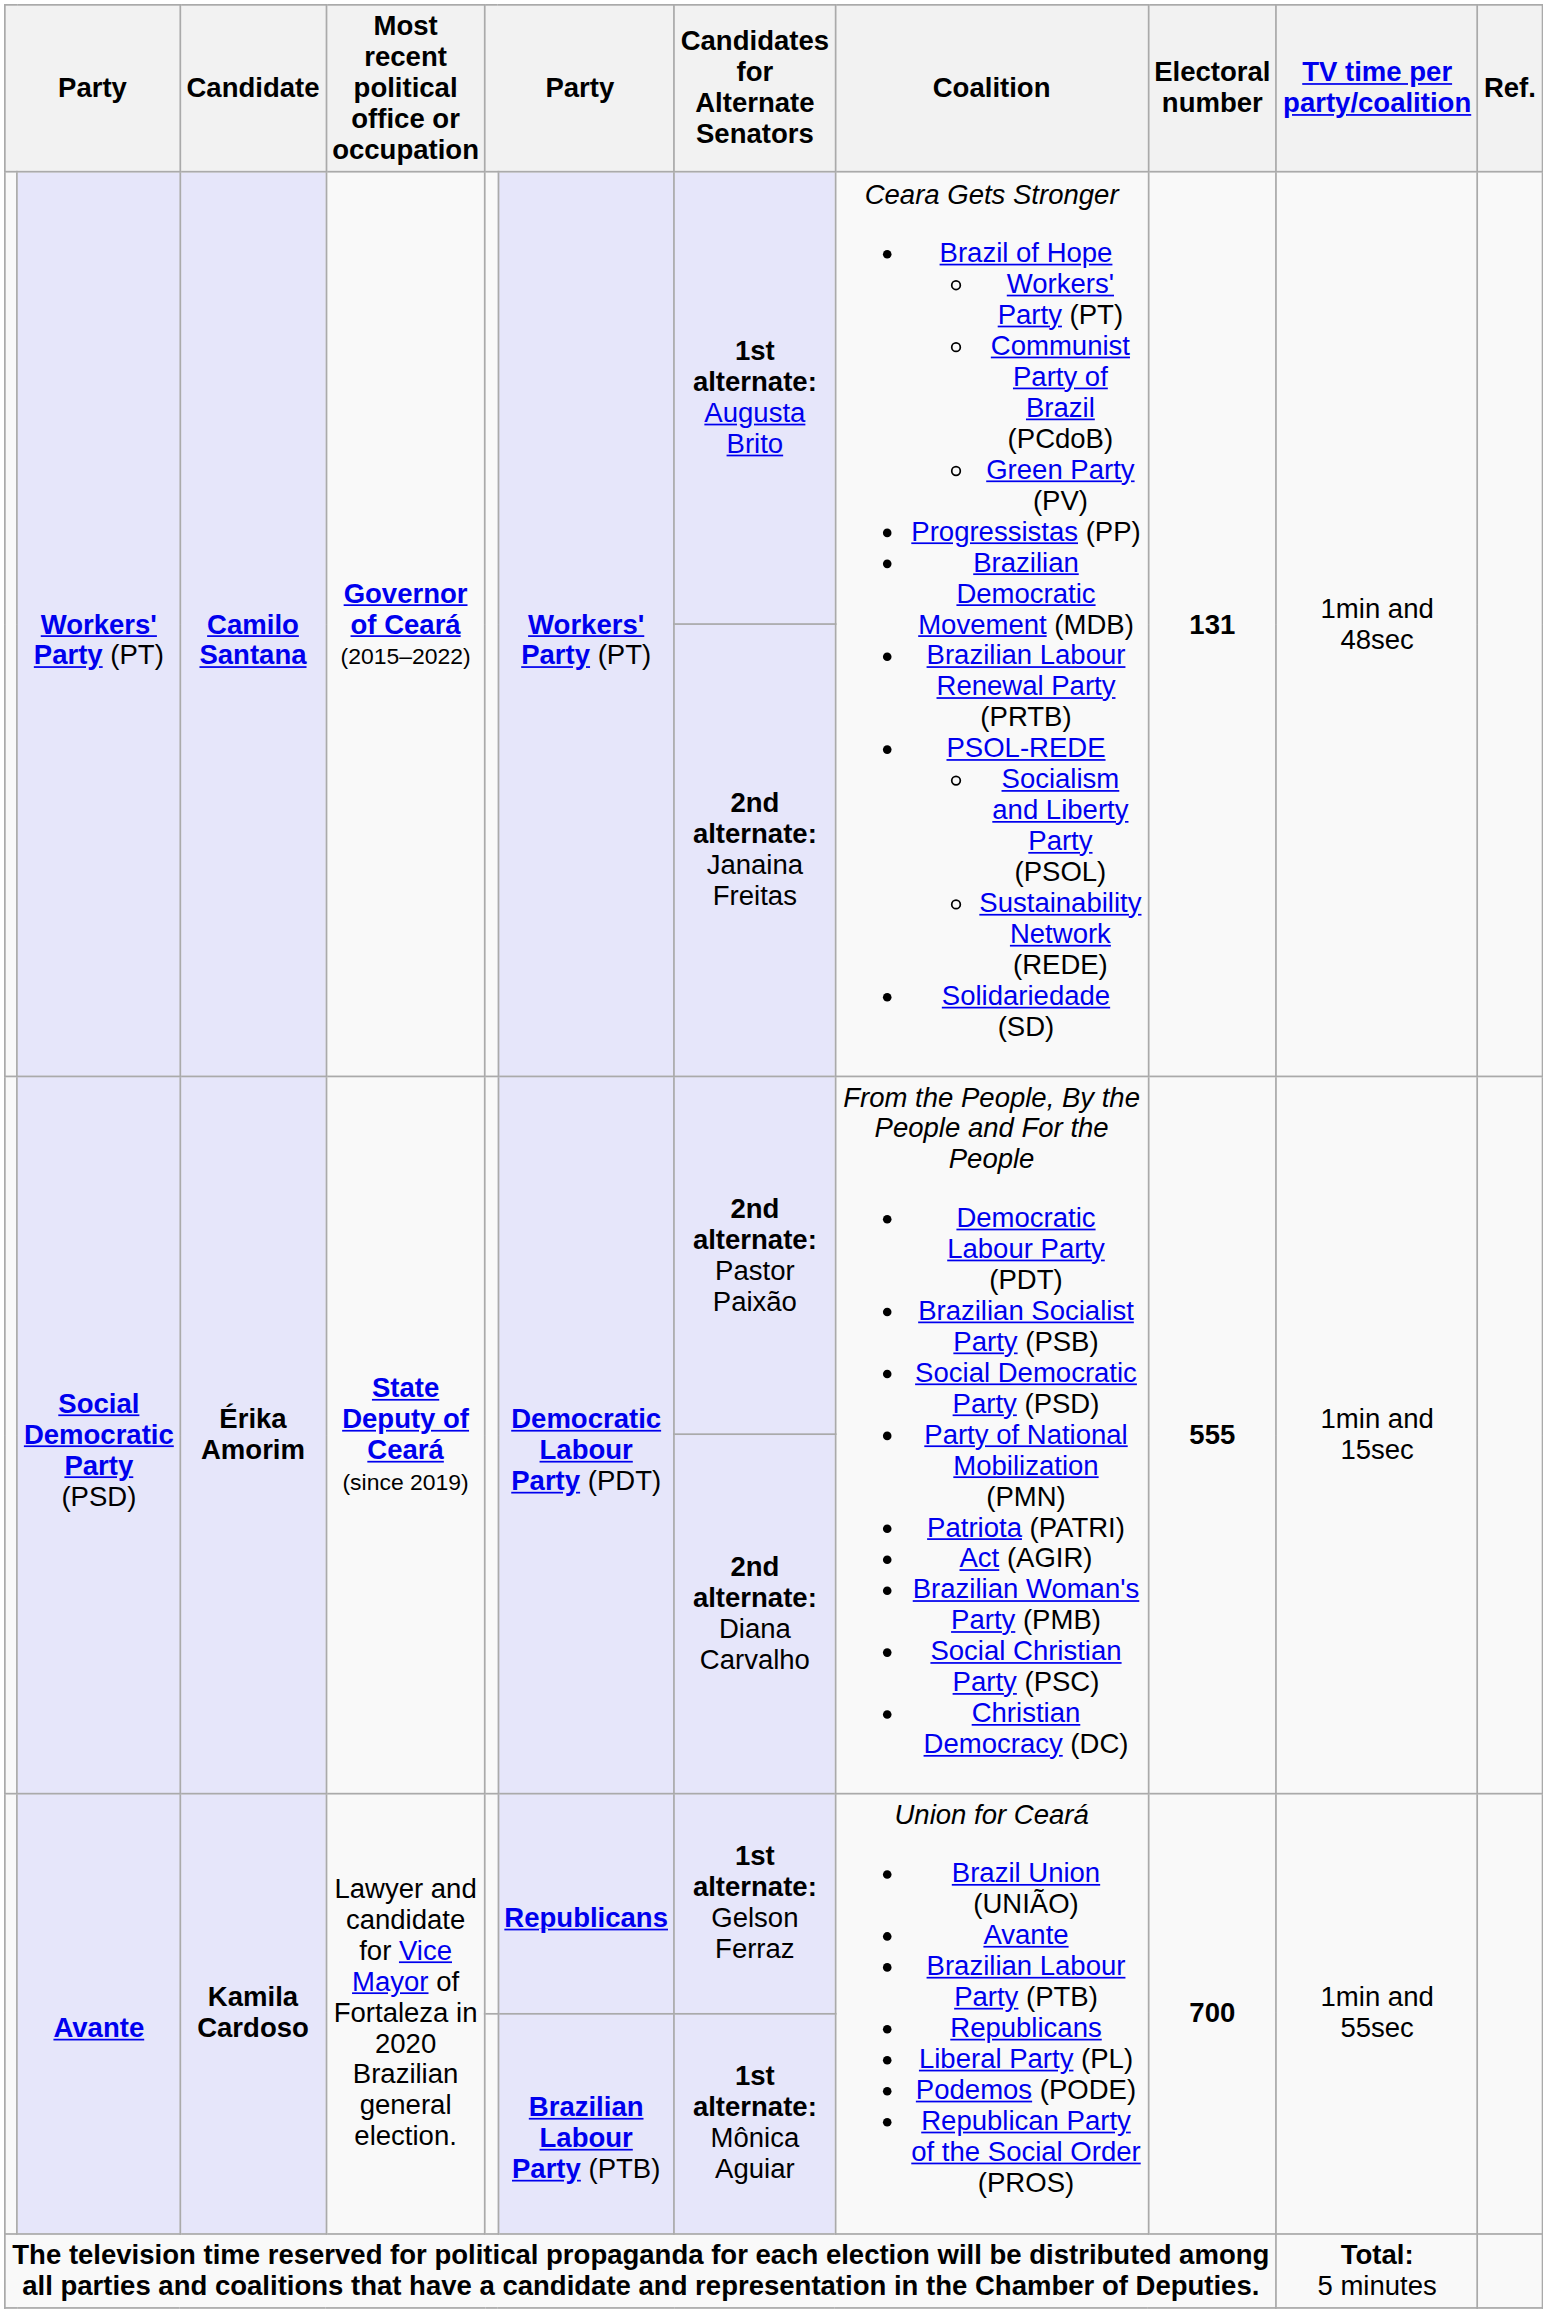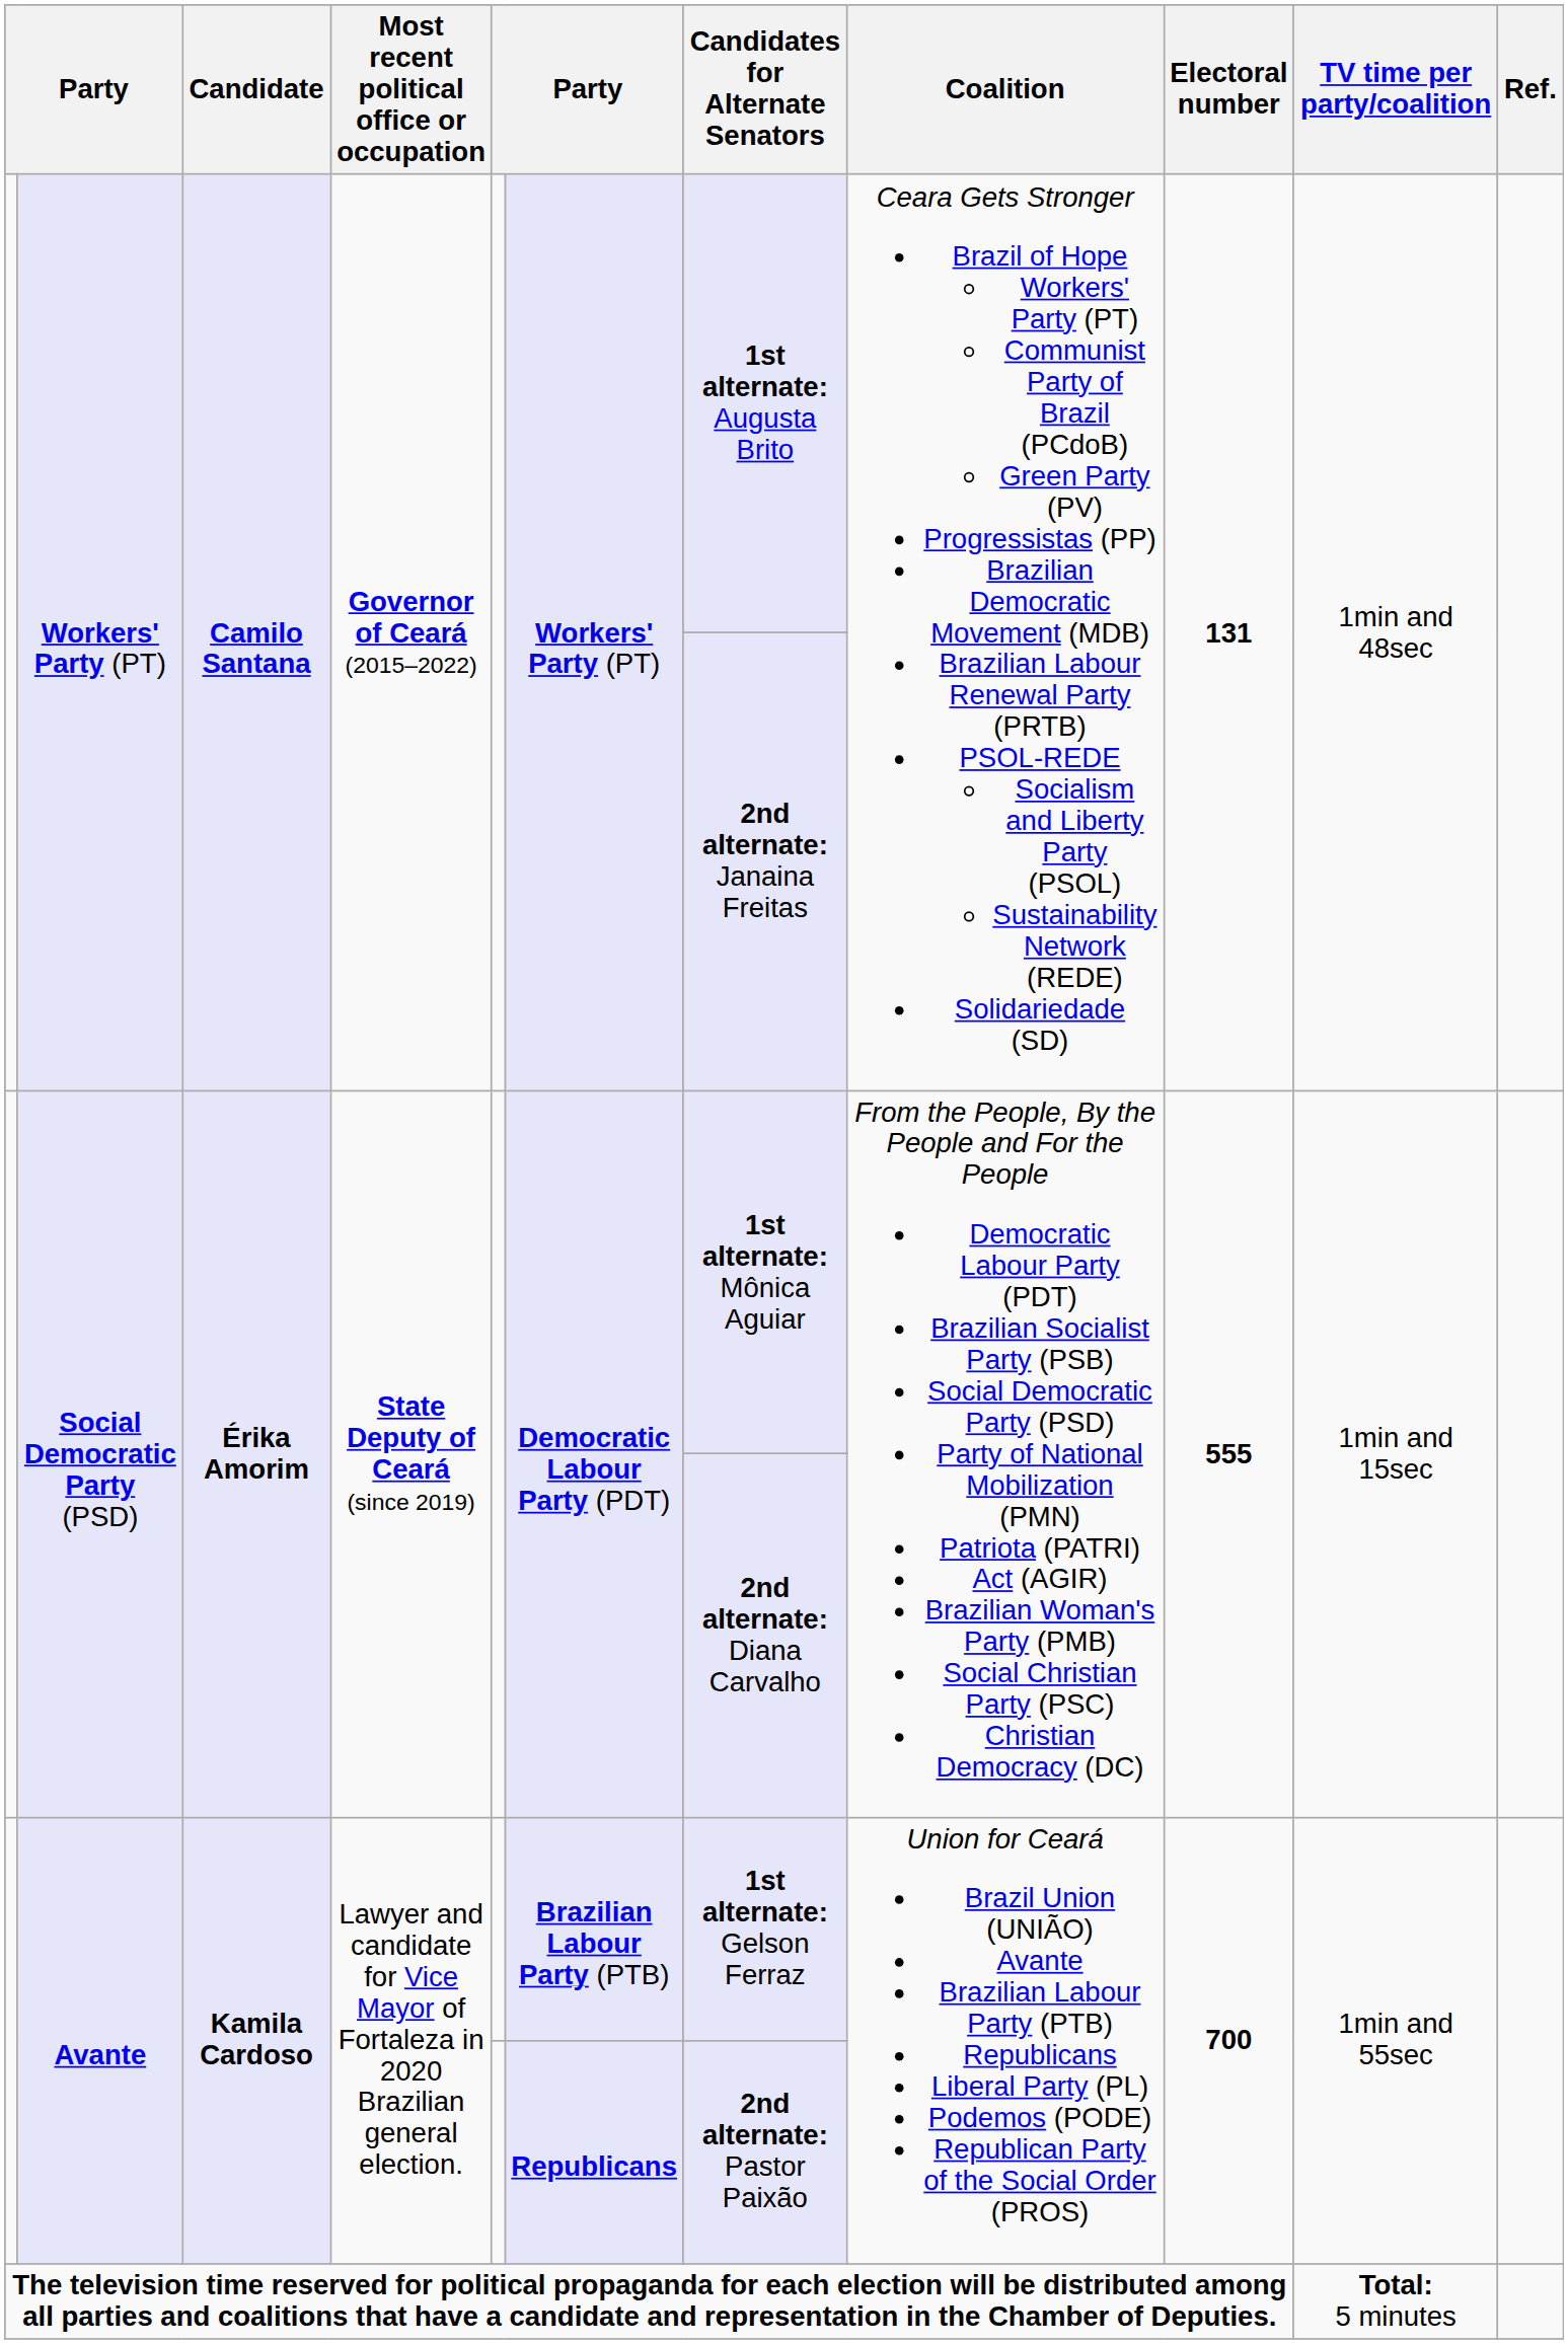 <table class="wikitable" style="text-align:center;">
 <tr>
 <th colspan="2">Party</th>
 <th>Candidate</th>
 <th>Most recent political office or occupation</th>
 <th colspan="2">Party</th>
 <th>Candidates for Alternate Senators</th>
 <th>Coalition</th>
 <th>Electoral<br>number</th>
 <th><a href='#'>TV time per party/coalition</a></th>
 <th>Ref.</th>
 </tr>
 <tr>
 <td rowspan="2" style="background-color:"></td>
 <td rowspan="2" style="background:lavender;"><strong></strong><br><strong><a href='#'>Workers' Party</a></strong> (PT)</td>
 <td rowspan="2" style="background:lavender;"><br><strong><a href='#'>Camilo Santana</a></strong></td>
 <td rowspan="2"><strong><a href='#'>Governor of Ceará</a></strong><br><small>(2015–2022)</small></td>
 <td rowspan="2" style="background-color:"></td>
 <td rowspan="2" style="background:lavender;"><strong></strong><br><strong><a href='#'>Workers' Party</a></strong> (PT)</td>
 <td style="background:lavender;"><strong>1st alternate:</strong><br><a href='#'>Augusta Brito</a></td>
 <td rowspan="2"><em>Ceara Gets Stronger</em><br><ul><li><a href='#'>Brazil of Hope</a><ul><li><a href='#'>Workers' Party</a> (PT)</li><li><a href='#'>Communist Party of Brazil</a> (PCdoB)</li><li><a href='#'>Green Party</a> (PV)</li></ul></li><li><a href='#'>Progressistas</a> (PP)</li><li><a href='#'>Brazilian Democratic Movement</a> (MDB)</li><li><a href='#'>Brazilian Labour Renewal Party</a> (PRTB)</li><li><a href='#'>PSOL-REDE</a><ul><li><a href='#'>Socialism and Liberty Party</a> (PSOL)</li><li><a href='#'>Sustainability Network</a> (REDE)</li></ul></li><li><a href='#'>Solidariedade</a> (SD)</li></ul></td>
 <td rowspan="2"><strong>131</strong></td>
 <td rowspan="2">1min and 48sec</td>
 <td rowspan="2"><br></td>
 </tr>
 <tr>
 <td style="background:lavender;"><strong>2nd alternate:</strong><br>Janaina Freitas</td>
 </tr>
 <tr>
 <td rowspan="2" style="background-color:"></td>
 <td rowspan="2" style="background:lavender;"><br><strong><a href='#'>Social Democratic Party</a></strong> (PSD)</td>
 <td rowspan="2" style="background:lavender;"><strong>Érika Amorim</strong></td>
 <td rowspan="2"><strong><a href='#'>State Deputy of Ceará</a></strong><br><small>(since 2019)</small></td>
 <td rowspan="2" style="background-color:"></td>
 <td rowspan="2" style="background:lavender;"><strong><br><a href='#'>Democratic Labour Party</a></strong> (PDT)</td>
-<td style="background:lavender;"><strong>2nd alternate:</strong><br>Pastor Paixão</td>
+<td style="background:lavender;"><strong>1st alternate:</strong><br>Mônica Aguiar</td>
 <td rowspan="2"><em>From the People, By the People and For the People</em><br><ul><li><a href='#'>Democratic Labour Party</a> (PDT)</li><li><a href='#'>Brazilian Socialist Party</a> (PSB)</li><li><a href='#'>Social Democratic Party</a> (PSD)</li><li><a href='#'>Party of National Mobilization</a> (PMN)</li><li><a href='#'>Patriota</a> (PATRI)</li><li><a href='#'>Act</a> (AGIR)</li><li><a href='#'>Brazilian Woman's Party</a> (PMB)</li><li><a href='#'>Social Christian Party</a> (PSC)</li><li><a href='#'>Christian Democracy</a> (DC)</li></ul></td>
 <td rowspan="2"><strong>555</strong></td>
 <td rowspan="2">1min and 15sec</td>
 <td rowspan="2"></td>
 </tr>
 <tr>
 <td style="background:lavender;"><strong>2nd alternate:</strong><br>Diana Carvalho</td>
 </tr>
 <tr>
 <td rowspan="2" style="background-color:"></td>
 <td rowspan="2" style="background:lavender;"><br><strong><a href='#'>Avante</a></strong></td>
 <td rowspan="2" style="background:lavender;"><strong>Kamila Cardoso</strong></td>
 <td rowspan="2">Lawyer and candidate for <a href='#'>Vice</a> <a href='#'>Mayor</a> of Fortaleza in 2020 Brazilian general election.</td>
 <td style="background-color:"></td>
-<td style="background:lavender;"><br><strong><a href='#'>Republicans</a></strong></td>
+<td style="background:lavender;"><br><strong><a href='#'>Brazilian Labour Party</a></strong> (PTB)</td>
 <td style="background:lavender;"><strong>1st alternate:</strong><br>Gelson Ferraz</td>
 <td rowspan="2"><em>Union for Ceará</em><br><ul><li><a href='#'>Brazil Union</a> (UNIÃO)</li><li><a href='#'>Avante</a></li><li><a href='#'>Brazilian Labour Party</a> (PTB)</li><li><a href='#'>Republicans</a></li><li><a href='#'>Liberal Party</a> (PL)</li><li><a href='#'>Podemos</a> (PODE)</li><li><a href='#'>Republican Party of the Social Order</a> (PROS)</li></ul></td>
 <td rowspan="2"><strong>700</strong><br></td>
 <td rowspan="2">1min and 55sec</td>
 <td rowspan="2"></td>
 </tr>
 <tr>
 <td style="background-color:"></td>
-<td style="background:lavender;"><br><strong><a href='#'>Brazilian Labour Party</a></strong> (PTB)</td>
-<td style="background:lavender;"><strong>1st alternate:</strong><br>Mônica Aguiar</td>
+<td style="background:lavender;"><br><strong><a href='#'>Republicans</a></strong></td>
+<td style="background:lavender;"><strong>2nd alternate:</strong><br>Pastor Paixão</td>
 </tr>
 <tr>
 <td colspan="9"><strong>The television time reserved for political propaganda for each election will be distributed among all parties and coalitions that have a candidate and representation in the Chamber of Deputies.</strong></td>
 <td><strong>Total:</strong><br>5 minutes</td>
 <td></td>
 </tr>
 </table>
